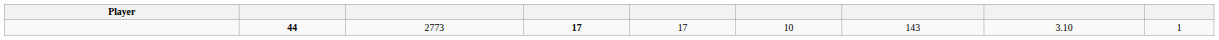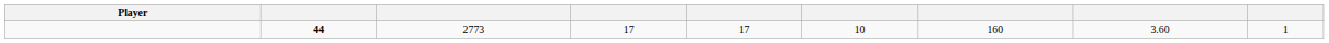 <table class="wikitable sortable" style="width:100%;">
 <tr style="text-align:center; background:#ddd;">
 <th>Player</th>
 <th></th>
 <th></th>
 <th></th>
 <th></th>
 <th></th>
 <th></th>
 <th></th>
 <th></th>
 </tr>
 <tr align=center>
 <td></td>
 <td><strong>44</strong></td>
 <td>2773</td>
-<td><strong>17</strong></td>
+<td>17</td>
 <td>17</td>
 <td>10</td>
-<td>143</td>
-<td>3.10</td>
+<td>160</td>
+<td>3.60</td>
 <td>1</td>
 </tr>
 </table>
